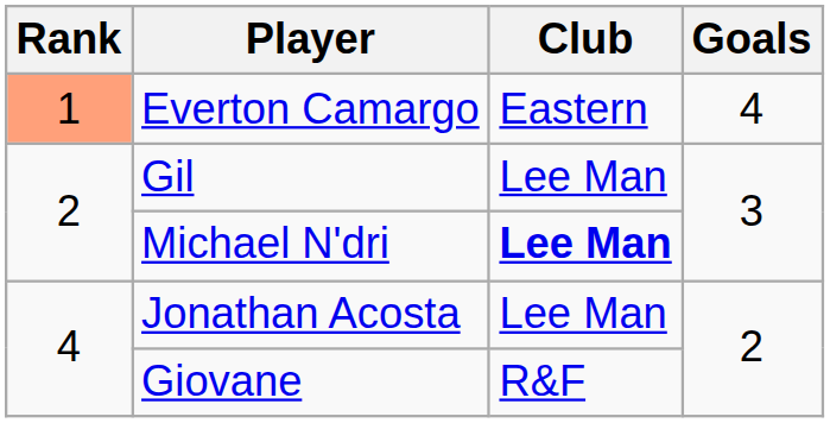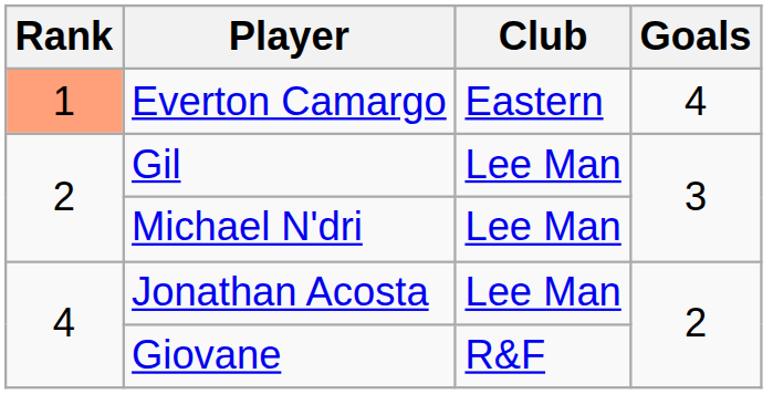 <table class="wikitable" style="text-align:center">
 <tr>
 <th>Rank</th>
 <th>Player</th>
 <th>Club</th>
 <th>Goals</th>
 </tr>
 <tr>
 <td style="background: lightsalmon;">1</td>
 <td align="left"> <a href='#'>Everton Camargo</a></td>
 <td align="left"><a href='#'>Eastern</a></td>
 <td>4</td>
 </tr>
 <tr>
 <td rowspan="2">2</td>
 <td align="left"> <a href='#'>Gil</a></td>
 <td align="left"><a href='#'>Lee Man</a></td>
 <td rowspan="2">3</td>
 </tr>
 <tr>
 <td align="left"> <a href='#'>Michael N'dri</a></td>
-<td align="left"><strong><a href='#'>Lee Man</a></strong></td>
+<td align="left"><a href='#'>Lee Man</a></td>
 </tr>
 <tr>
 <td rowspan="2">4</td>
 <td align="left"> <a href='#'>Jonathan Acosta</a></td>
 <td align="left"><a href='#'>Lee Man</a></td>
 <td rowspan="2">2</td>
 </tr>
 <tr>
 <td align="left"> <a href='#'>Giovane</a></td>
 <td align="left"><a href='#'>R&F</a></td>
 </tr>
 </table>
